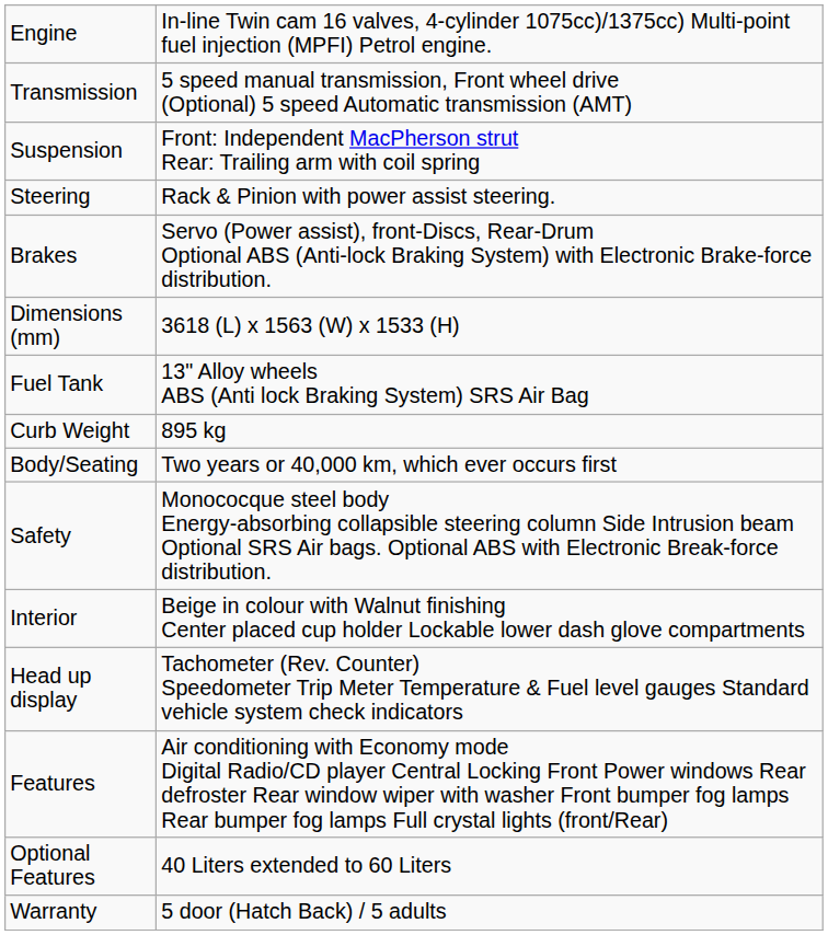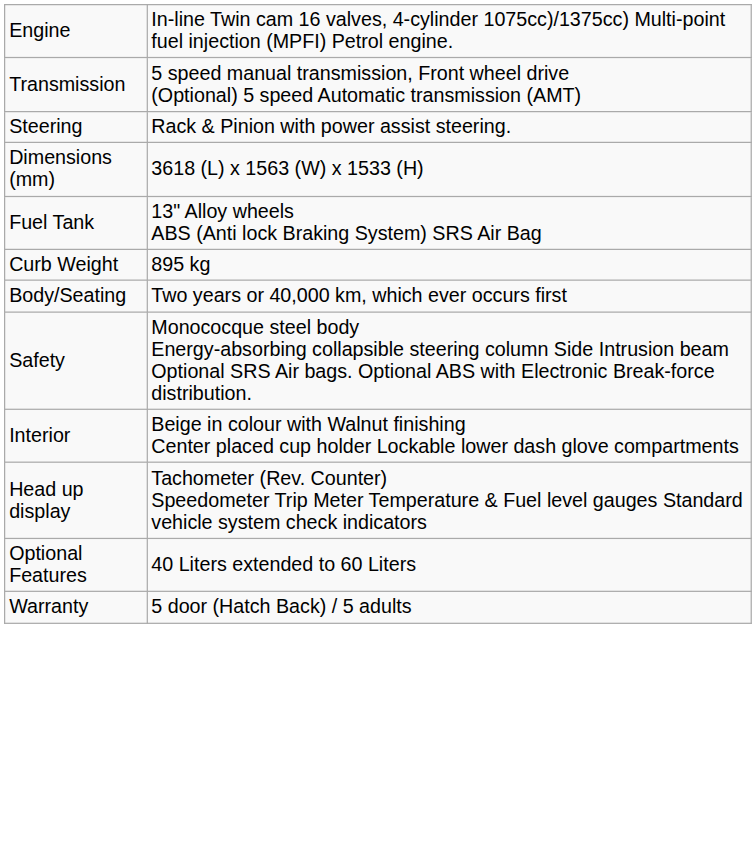 <table class="wikitable">
 <tr>
 <td>Engine</td>
 <td>In-line Twin cam 16 valves, 4-cylinder 1075cc)/1375cc) Multi-point fuel injection (MPFI) Petrol engine.</td>
 </tr>
 <tr>
 <td>Transmission</td>
 <td>5 speed manual transmission, Front wheel drive<br>(Optional) 5 speed Automatic transmission (AMT)</td>
 </tr>
 <tr>
-<td>Suspension</td>
-<td>Front: Independent <a href='#'>MacPherson strut</a><br>Rear: Trailing arm with coil spring</td>
-</tr>
-<tr>
 <td>Steering</td>
 <td>Rack & Pinion with power assist steering.</td>
-</tr>
-<tr>
-<td>Brakes</td>
-<td>Servo (Power assist), front-Discs, Rear-Drum<br>Optional ABS (Anti-lock Braking System) with Electronic Brake-force distribution.</td>
 </tr>
 <tr>
 <td>Dimensions (mm)</td>
 <td>3618 (L) x 1563 (W) x 1533 (H)</td>
 </tr>
 <tr>
 <td>Fuel Tank</td>
 <td>13" Alloy wheels<br>ABS (Anti lock Braking System)  SRS Air Bag</td>
 </tr>
 <tr>
 <td>Curb Weight</td>
 <td>895 kg</td>
 </tr>
 <tr>
 <td>Body/Seating</td>
 <td>Two years or 40,000 km, which ever occurs first</td>
 </tr>
 <tr>
 <td>Safety</td>
 <td>Monococque steel body<br>Energy-absorbing collapsible steering column  Side Intrusion beam Optional SRS Air bags. Optional ABS with Electronic Break-force distribution.</td>
 </tr>
 <tr>
 <td>Interior</td>
 <td>Beige in colour with Walnut finishing<br>Center placed cup holder  Lockable lower dash glove compartments</td>
 </tr>
 <tr>
 <td>Head up display</td>
 <td>Tachometer (Rev. Counter)<br>Speedometer  Trip Meter  Temperature & Fuel level gauges Standard vehicle system check indicators</td>
 </tr>
 <tr>
-<td>Features</td>
-<td>Air conditioning with Economy mode<br>Digital Radio/CD player  Central Locking  Front Power windows  Rear defroster  Rear window wiper with washer  Front bumper fog lamps Rear bumper fog lamps  Full crystal lights (front/Rear)</td>
-</tr>
-<tr>
 <td>Optional Features</td>
 <td>40 Liters extended to 60 Liters</td>
 </tr>
 <tr>
 <td>Warranty</td>
 <td>5 door (Hatch Back) / 5 adults</td>
 </tr>
 </table>
